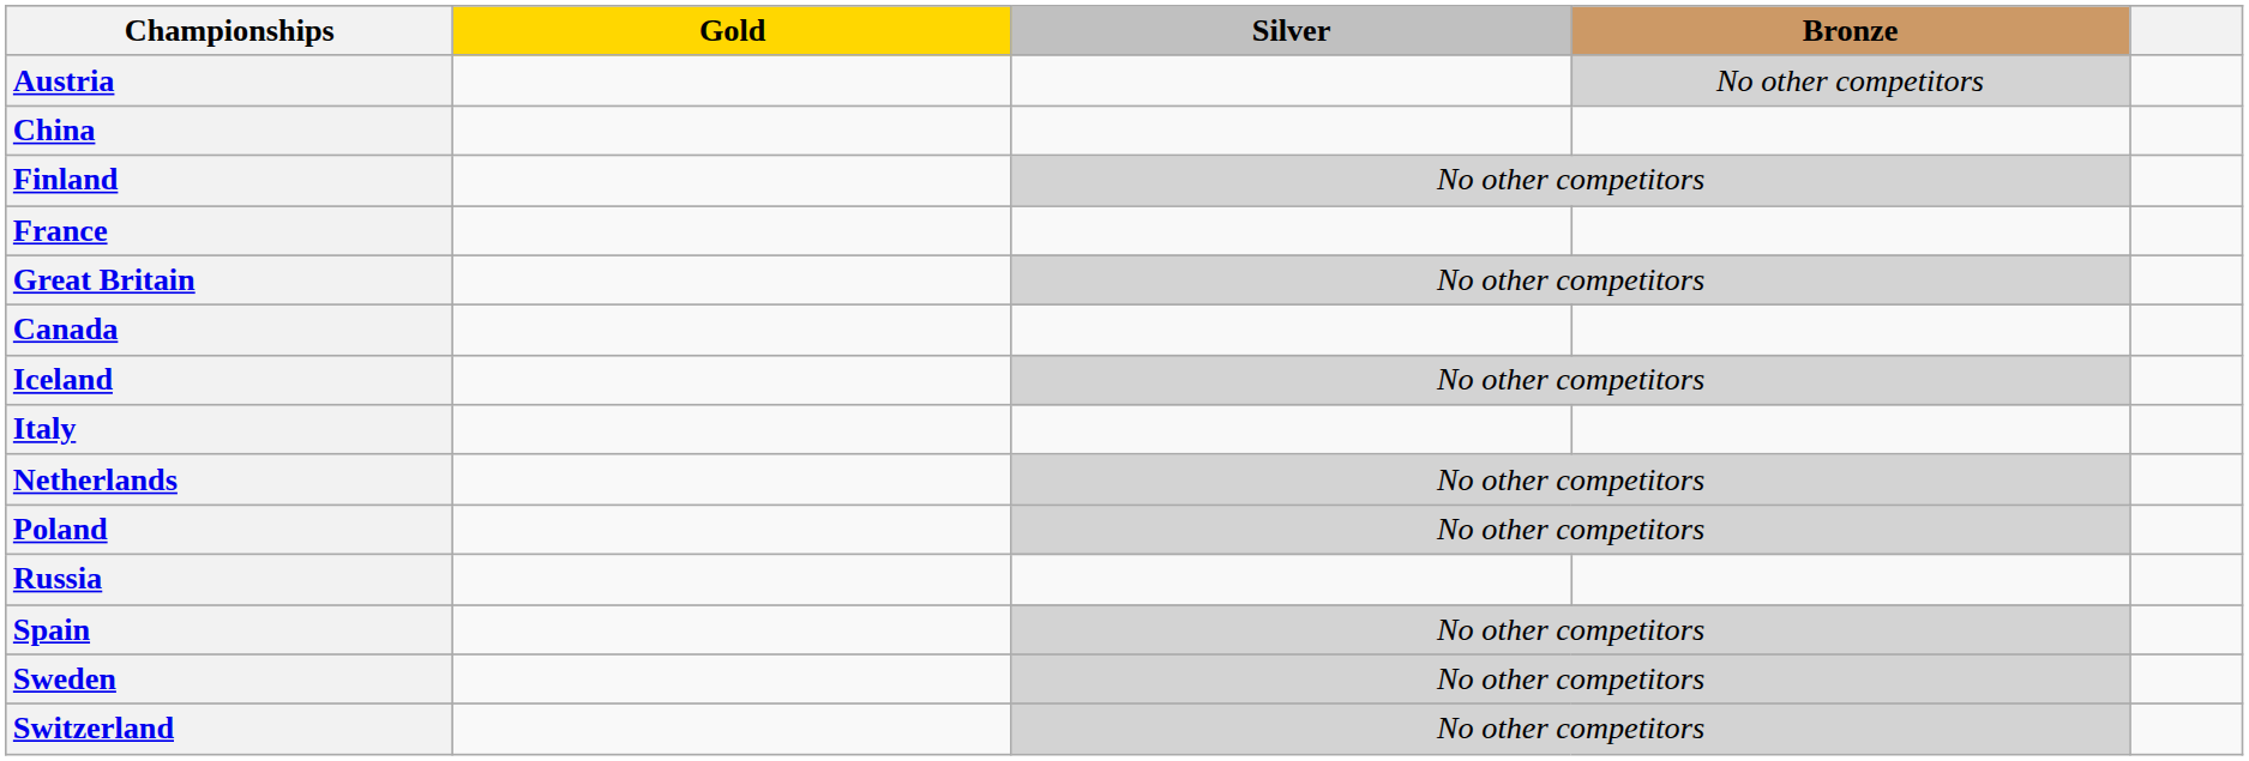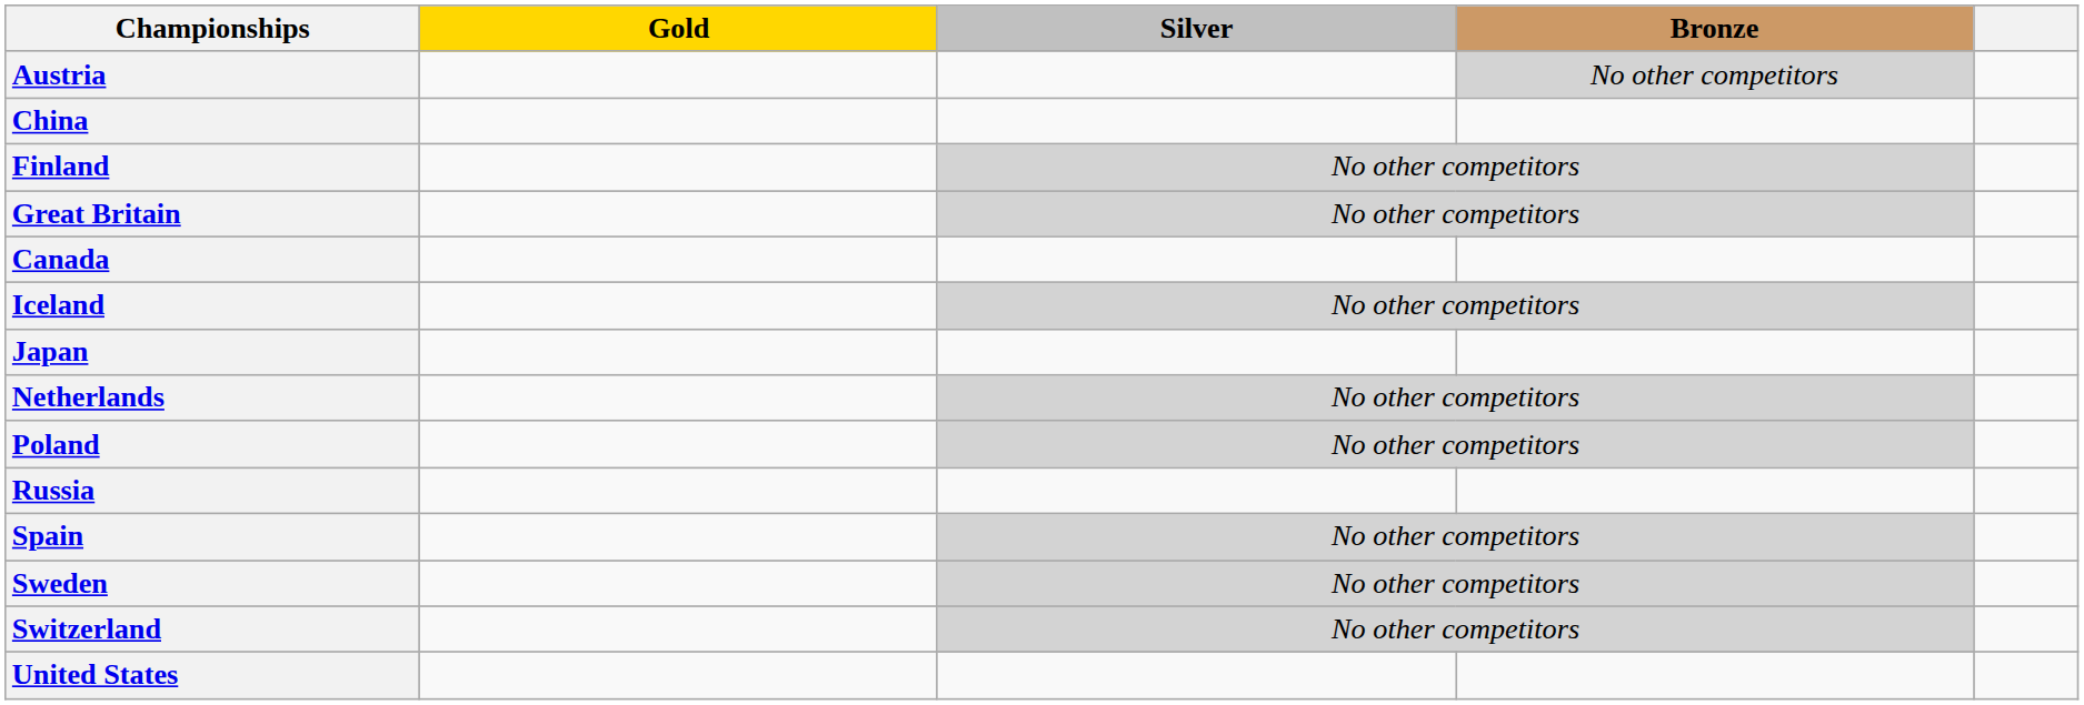 <table class="wikitable unsortable" style="text-align:left; width:90%;">
 <tr>
 <th scope="col" style="text-align:center; width:20%;">Championships</th>
 <td scope="col" style="text-align:center; width:25%; background:gold"><strong>Gold</strong></td>
 <td scope="col" style="text-align:center; width:25%; background:silver"><strong>Silver</strong></td>
 <td scope="col" style="text-align:center; width:25%; background:#c96"><strong>Bronze</strong></td>
 <th scope="col" style="text-align:center; width:5%;"></th>
 </tr>
 <tr>
 <th scope="row" style="text-align:left"> <a href='#'>Austria</a></th>
 <td></td>
 <td></td>
 <td align="center" bgcolor="lightgray"><em>No other competitors</em></td>
 <td></td>
 </tr>
 <tr>
 <th scope="row" style="text-align:left"> <a href='#'>China</a></th>
 <td></td>
 <td></td>
 <td></td>
 </tr>
 <tr>
 <th scope="row" style="text-align:left"> <a href='#'>Finland</a></th>
 <td></td>
 <td colspan=2 align="center" bgcolor="lightgray"><em>No other competitors</em></td>
 <td></td>
 </tr>
 <tr>
-<th scope="row" style="text-align:left"> <a href='#'>France</a></th>
-<td></td>
-<td></td>
-<td></td>
-<td></td>
-</tr>
-<tr>
 <th scope="row" style="text-align:left"> <a href='#'>Great Britain</a></th>
 <td></td>
 <td colspan=2 align="center" bgcolor="lightgray"><em>No other competitors</em></td>
 <td></td>
 </tr>
 <tr>
 <th scope="row" style="text-align:left"> <a href='#'>Canada</a></th>
 <td></td>
 <td></td>
 <td></td>
 <td></td>
 </tr>
 <tr>
 <th scope="row" style="text-align:left"> <a href='#'>Iceland</a></th>
 <td></td>
 <td colspan=2 align="center" bgcolor="lightgray"><em>No other competitors</em></td>
 <td></td>
 </tr>
 <tr>
-<th scope="row" style="text-align:left"> <a href='#'>Italy</a></th>
+<th scope="row" style="text-align:left"> <a href='#'>Japan</a></th>
 <td></td>
 <td></td>
 <td></td>
 <td></td>
 </tr>
 <tr>
 <th scope="row" style="text-align:left"> <a href='#'>Netherlands</a></th>
 <td></td>
 <td colspan=2 align="center" bgcolor="lightgray"><em>No other competitors</em></td>
 <td></td>
 </tr>
 <tr>
 <th scope="row" style="text-align:left"> <a href='#'>Poland</a></th>
 <td></td>
 <td colspan=2 align="center" bgcolor="lightgray"><em>No other competitors</em></td>
 <td></td>
 </tr>
 <tr>
 <th scope="row" style="text-align:left"> <a href='#'>Russia</a></th>
 <td></td>
 <td></td>
 <td></td>
 </tr>
 <tr>
 <th scope="row" style="text-align:left"> <a href='#'>Spain</a></th>
 <td></td>
 <td colspan=2 align="center" bgcolor="lightgray"><em>No other competitors</em></td>
 <td></td>
 </tr>
 <tr>
 <th scope="row" style="text-align:left"> <a href='#'>Sweden</a></th>
 <td></td>
 <td colspan=2 align="center" bgcolor="lightgray"><em>No other competitors</em></td>
 <td></td>
 </tr>
 <tr>
 <th scope="row" style="text-align:left"> <a href='#'>Switzerland</a></th>
 <td></td>
 <td colspan=2 align="center" bgcolor="lightgray"><em>No other competitors</em></td>
 <td></td>
 </tr>
+<tr>
+<th scope="row" style="text-align:left"> <a href='#'>United States</a></th>
+<td></td>
+<td></td>
+<td></td>
+<td></td>
+</tr>
 </table>
